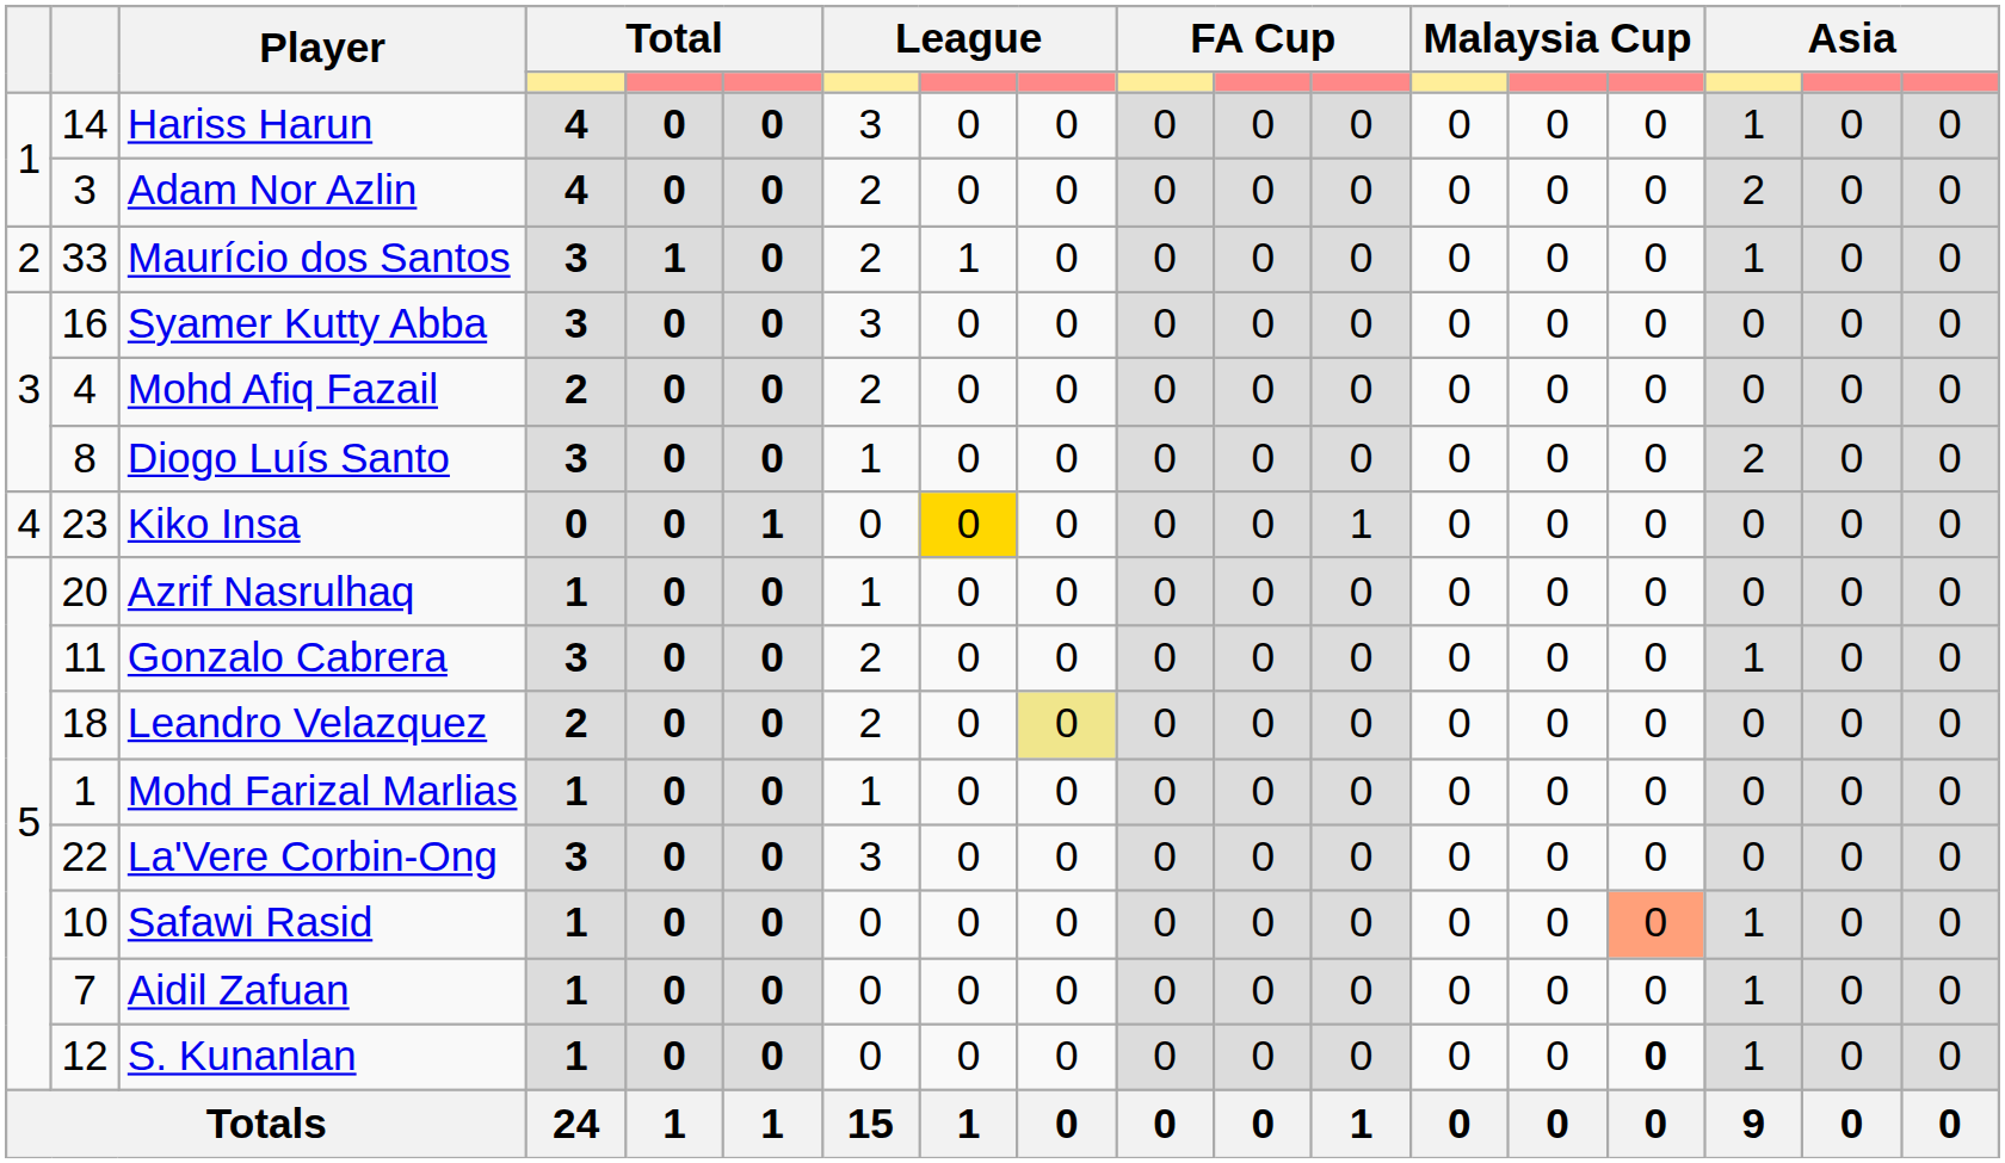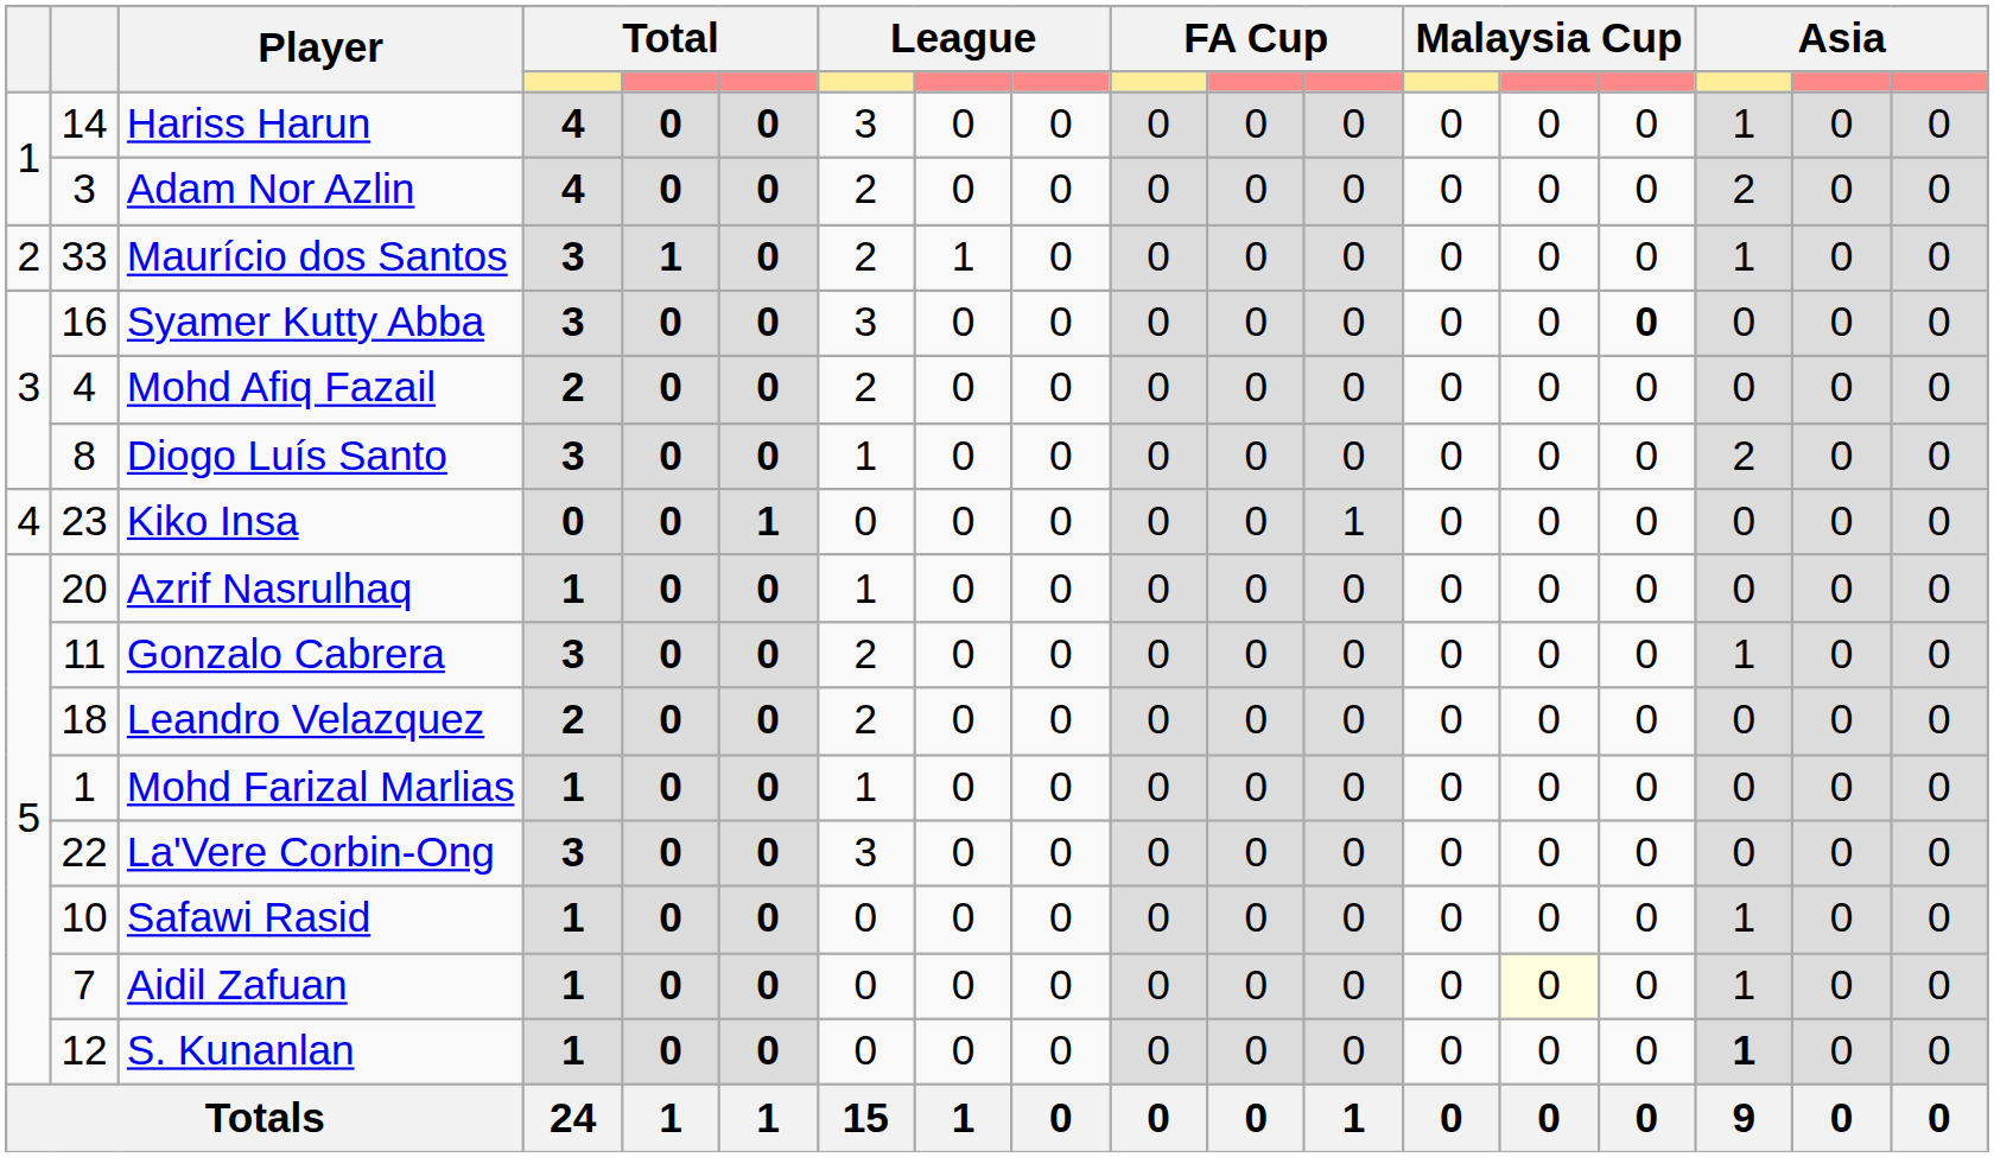 <table class="wikitable" style="text-align:center;">
 <tr style="text-align:center;">
 <th style="width:10px;" rowspan="2"></th>
 <th style="width:10px;" rowspan="2"></th>
 <th rowspan="2">Player</th>
 <th colspan="3">Total</th>
 <th colspan="3">League</th>
 <th colspan="3">FA Cup</th>
 <th colspan="3">Malaysia Cup</th>
 <th colspan="3">Asia</th>
 </tr>
 <tr>
 <th style="width:30px; background:#fe9;"></th>
 <th style="width:30px; background:#ff8888;"></th>
 <th style="width:30px; background:#ff8888;"></th>
 <th style="width:30px; background:#fe9;"></th>
 <th style="width:30px; background:#ff8888;"></th>
 <th style="width:30px; background:#ff8888;"></th>
 <th style="width:30px; background:#fe9;"></th>
 <th style="width:30px; background:#ff8888;"></th>
 <th style="width:30px; background:#ff8888;"></th>
 <th style="width:30px; background:#fe9;"></th>
 <th style="width:30px; background:#ff8888;"></th>
 <th style="width:30px; background:#ff8888;"></th>
 <th style="width:30px; background:#fe9;"></th>
 <th style="width:30px; background:#ff8888;"></th>
 <th style="width:30px; background:#ff8888;"></th>
 </tr>
 <tr>
 <td rowspan="2">1</td>
 <td>14</td>
 <td align=left> <a href='#'>Hariss Harun</a></td>
 <td style="background:#DCDCDC"><strong>4</strong> </td>
 <td style="background:#DCDCDC"><strong>0</strong> </td>
 <td style="background:#DCDCDC"><strong>0</strong> </td>
 <td>3 </td>
 <td>0 </td>
 <td>0 </td>
 <td style="background:#DCDCDC">0 </td>
 <td style="background:#DCDCDC">0 </td>
 <td style="background:#DCDCDC">0 </td>
 <td>0 </td>
 <td>0 </td>
 <td>0 </td>
 <td style="background:#DCDCDC">1 </td>
 <td style="background:#DCDCDC">0 </td>
 <td style="background:#DCDCDC">0 </td>
 </tr>
 <tr>
 <td>3</td>
 <td align=left> <a href='#'>Adam Nor Azlin</a></td>
 <td style="background:#DCDCDC"><strong>4</strong> </td>
 <td style="background:#DCDCDC"><strong>0</strong> </td>
 <td style="background:#DCDCDC"><strong>0</strong> </td>
 <td>2 </td>
 <td>0 </td>
 <td>0 </td>
 <td style="background:#DCDCDC">0 </td>
 <td style="background:#DCDCDC">0 </td>
 <td style="background:#DCDCDC">0 </td>
 <td>0 </td>
 <td>0 </td>
 <td>0 </td>
 <td style="background:#DCDCDC">2 </td>
 <td style="background:#DCDCDC">0 </td>
 <td style="background:#DCDCDC">0 </td>
 </tr>
 <tr>
 <td>2</td>
 <td>33</td>
 <td align=left> <a href='#'>Maurício dos Santos</a></td>
 <td style="background:#DCDCDC"><strong>3</strong> </td>
 <td style="background:#DCDCDC"><strong>1</strong> </td>
 <td style="background:#DCDCDC"><strong>0</strong> </td>
 <td>2 </td>
 <td>1 </td>
 <td>0 </td>
 <td style="background:#DCDCDC">0 </td>
 <td style="background:#DCDCDC">0 </td>
 <td style="background:#DCDCDC">0 </td>
 <td>0 </td>
 <td>0 </td>
 <td>0 </td>
 <td style="background:#DCDCDC">1 </td>
 <td style="background:#DCDCDC">0 </td>
 <td style="background:#DCDCDC">0 </td>
 </tr>
 <tr>
 <td rowspan="3">3</td>
 <td>16</td>
 <td align=left> <a href='#'>Syamer Kutty Abba</a></td>
 <td style="background:#DCDCDC"><strong>3</strong> </td>
 <td style="background:#DCDCDC"><strong>0</strong> </td>
 <td style="background:#DCDCDC"><strong>0</strong> </td>
 <td>3 </td>
 <td>0 </td>
 <td>0 </td>
 <td style="background:#DCDCDC">0 </td>
 <td style="background:#DCDCDC">0 </td>
 <td style="background:#DCDCDC">0 </td>
 <td>0 </td>
 <td>0 </td>
-<td>0 </td>
+<td><strong>0 </strong></td>
 <td style="background:#DCDCDC">0 </td>
 <td style="background:#DCDCDC">0 </td>
 <td style="background:#DCDCDC">0 </td>
 </tr>
 <tr>
 <td>4</td>
 <td align=left> <a href='#'>Mohd Afiq Fazail</a></td>
 <td style="background:#DCDCDC"><strong>2</strong> </td>
 <td style="background:#DCDCDC"><strong>0</strong> </td>
 <td style="background:#DCDCDC"><strong>0</strong> </td>
 <td>2 </td>
 <td>0 </td>
 <td>0 </td>
 <td style="background:#DCDCDC">0 </td>
 <td style="background:#DCDCDC">0 </td>
 <td style="background:#DCDCDC">0 </td>
 <td>0 </td>
 <td>0 </td>
 <td>0 </td>
 <td style="background:#DCDCDC">0 </td>
 <td style="background:#DCDCDC">0 </td>
 <td style="background:#DCDCDC">0 </td>
 </tr>
 <tr>
 <td>8</td>
 <td align=left> <a href='#'>Diogo Luís Santo</a></td>
 <td style="background:#DCDCDC"><strong>3</strong> </td>
 <td style="background:#DCDCDC"><strong>0</strong> </td>
 <td style="background:#DCDCDC"><strong>0</strong> </td>
 <td>1 </td>
 <td>0 </td>
 <td>0 </td>
 <td style="background:#DCDCDC">0 </td>
 <td style="background:#DCDCDC">0 </td>
 <td style="background:#DCDCDC">0 </td>
 <td>0 </td>
 <td>0 </td>
 <td>0 </td>
 <td style="background:#DCDCDC">2 </td>
 <td style="background:#DCDCDC">0 </td>
 <td style="background:#DCDCDC">0 </td>
 </tr>
 <tr>
 <td>4</td>
 <td>23</td>
 <td align=left>  <a href='#'>Kiko Insa</a></td>
 <td style="background:#DCDCDC"><strong>0</strong> </td>
 <td style="background:#DCDCDC"><strong>0</strong> </td>
 <td style="background:#DCDCDC"><strong>1</strong> </td>
 <td>0 </td>
-<td style="background: gold;">0 </td>
+<td>0 </td>
 <td>0 </td>
 <td style="background:#DCDCDC">0 </td>
 <td style="background:#DCDCDC">0 </td>
 <td style="background:#DCDCDC">1 </td>
 <td>0 </td>
 <td>0 </td>
 <td>0 </td>
 <td style="background:#DCDCDC">0 </td>
 <td style="background:#DCDCDC">0 </td>
 <td style="background:#DCDCDC">0 </td>
 </tr>
 <tr>
 <td rowspan="8">5</td>
 <td>20</td>
 <td align=left> <a href='#'>Azrif Nasrulhaq</a></td>
 <td style="background:#DCDCDC"><strong>1</strong> </td>
 <td style="background:#DCDCDC"><strong>0</strong> </td>
 <td style="background:#DCDCDC"><strong>0</strong> </td>
 <td>1 </td>
 <td>0 </td>
 <td>0 </td>
 <td style="background:#DCDCDC">0 </td>
 <td style="background:#DCDCDC">0 </td>
 <td style="background:#DCDCDC">0 </td>
 <td>0 </td>
 <td>0 </td>
 <td>0 </td>
 <td style="background:#DCDCDC">0 </td>
 <td style="background:#DCDCDC">0 </td>
 <td style="background:#DCDCDC">0 </td>
 </tr>
 <tr>
 <td>11</td>
 <td align=left>  <a href='#'>Gonzalo Cabrera</a></td>
 <td style="background:#DCDCDC"><strong>3</strong> </td>
 <td style="background:#DCDCDC"><strong>0</strong> </td>
 <td style="background:#DCDCDC"><strong>0</strong> </td>
 <td>2 </td>
 <td>0 </td>
 <td>0 </td>
 <td style="background:#DCDCDC">0 </td>
 <td style="background:#DCDCDC">0 </td>
 <td style="background:#DCDCDC">0 </td>
 <td>0 </td>
 <td>0 </td>
 <td>0 </td>
 <td style="background:#DCDCDC">1 </td>
 <td style="background:#DCDCDC">0 </td>
 <td style="background:#DCDCDC">0 </td>
 </tr>
 <tr>
 <td>18</td>
 <td align=left> <a href='#'>Leandro Velazquez</a></td>
 <td style="background:#DCDCDC"><strong>2</strong> </td>
 <td style="background:#DCDCDC"><strong>0</strong> </td>
 <td style="background:#DCDCDC"><strong>0</strong> </td>
 <td>2 </td>
 <td>0 </td>
-<td style="background: khaki;">0 </td>
+<td>0 </td>
 <td style="background:#DCDCDC">0 </td>
 <td style="background:#DCDCDC">0 </td>
 <td style="background:#DCDCDC">0 </td>
 <td>0 </td>
 <td>0 </td>
 <td>0 </td>
 <td style="background:#DCDCDC">0 </td>
 <td style="background:#DCDCDC">0 </td>
 <td style="background:#DCDCDC">0 </td>
 </tr>
 <tr>
 <td>1</td>
 <td align=left> <a href='#'>Mohd Farizal Marlias</a></td>
 <td style="background:#DCDCDC"><strong>1</strong> </td>
 <td style="background:#DCDCDC"><strong>0</strong> </td>
 <td style="background:#DCDCDC"><strong>0</strong> </td>
 <td>1 </td>
 <td>0 </td>
 <td>0 </td>
 <td style="background:#DCDCDC">0 </td>
 <td style="background:#DCDCDC">0 </td>
 <td style="background:#DCDCDC">0 </td>
 <td>0 </td>
 <td>0 </td>
 <td>0 </td>
 <td style="background:#DCDCDC">0 </td>
 <td style="background:#DCDCDC">0 </td>
 <td style="background:#DCDCDC">0 </td>
 </tr>
 <tr>
 <td>22</td>
 <td align=left>  <a href='#'>La'Vere Corbin-Ong</a></td>
 <td style="background:#DCDCDC"><strong>3</strong> </td>
 <td style="background:#DCDCDC"><strong>0</strong> </td>
 <td style="background:#DCDCDC"><strong>0</strong> </td>
 <td>3 </td>
 <td>0 </td>
 <td>0 </td>
 <td style="background:#DCDCDC">0 </td>
 <td style="background:#DCDCDC">0 </td>
 <td style="background:#DCDCDC">0 </td>
 <td>0 </td>
 <td>0 </td>
 <td>0 </td>
 <td style="background:#DCDCDC">0 </td>
 <td style="background:#DCDCDC">0 </td>
 <td style="background:#DCDCDC">0 </td>
 </tr>
 <tr>
 <td>10</td>
 <td align=left> <a href='#'>Safawi Rasid</a></td>
 <td style="background:#DCDCDC"><strong>1</strong> </td>
 <td style="background:#DCDCDC"><strong>0</strong> </td>
 <td style="background:#DCDCDC"><strong>0</strong> </td>
 <td>0 </td>
 <td>0 </td>
 <td>0 </td>
 <td style="background:#DCDCDC">0 </td>
 <td style="background:#DCDCDC">0 </td>
 <td style="background:#DCDCDC">0 </td>
 <td>0 </td>
 <td>0 </td>
-<td style="background: lightsalmon;">0 </td>
+<td>0 </td>
 <td style="background:#DCDCDC">1 </td>
 <td style="background:#DCDCDC">0 </td>
 <td style="background:#DCDCDC">0 </td>
 </tr>
 <tr>
 <td>7</td>
 <td align=left> <a href='#'>Aidil Zafuan</a></td>
 <td style="background:#DCDCDC"><strong>1</strong> </td>
 <td style="background:#DCDCDC"><strong>0</strong> </td>
 <td style="background:#DCDCDC"><strong>0</strong> </td>
 <td>0 </td>
 <td>0 </td>
 <td>0 </td>
 <td style="background:#DCDCDC">0 </td>
 <td style="background:#DCDCDC">0 </td>
 <td style="background:#DCDCDC">0 </td>
 <td>0 </td>
-<td>0 </td>
+<td style="background: lightyellow;">0 </td>
 <td>0 </td>
 <td style="background:#DCDCDC">1 </td>
 <td style="background:#DCDCDC">0 </td>
 <td style="background:#DCDCDC">0 </td>
 </tr>
 <tr>
 <td>12</td>
 <td align=left> <a href='#'>S. Kunanlan</a></td>
 <td style="background:#DCDCDC"><strong>1</strong> </td>
 <td style="background:#DCDCDC"><strong>0</strong> </td>
 <td style="background:#DCDCDC"><strong>0</strong> </td>
 <td>0 </td>
 <td>0 </td>
 <td>0 </td>
 <td style="background:#DCDCDC">0 </td>
 <td style="background:#DCDCDC">0 </td>
 <td style="background:#DCDCDC">0 </td>
 <td>0 </td>
 <td>0 </td>
-<td><strong>0 </strong></td>
-<td style="background:#DCDCDC">1 </td>
+<td>0 </td>
+<td style="background:#DCDCDC"><strong>1 </strong></td>
 <td style="background:#DCDCDC">0 </td>
 <td style="background:#DCDCDC">0 </td>
 </tr>
 <tr>
 <th colspan="3">Totals</th>
 <th>24 </th>
 <th>1 </th>
 <th>1 </th>
 <th>15 </th>
 <th>1 </th>
 <th>0 </th>
 <th>0 </th>
 <th>0 </th>
 <th>1 </th>
 <th>0 </th>
 <th>0 </th>
 <th>0 </th>
 <th>9 </th>
 <th>0 </th>
 <th>0 </th>
 </tr>
 </table>
